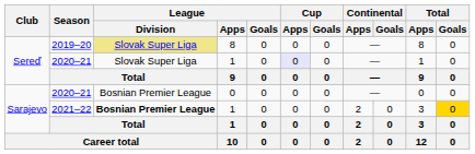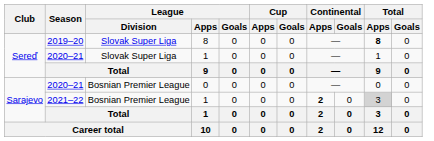 <table class=wikitable style="text-align: center;font-size:95%">
 <tr>
 <th rowspan=2>Club</th>
 <th rowspan=2>Season</th>
 <th colspan=3>League</th>
 <th colspan=2>Cup</th>
 <th colspan=2>Continental</th>
 <th colspan=2>Total</th>
 </tr>
 <tr>
 <th>Division</th>
 <th>Apps</th>
 <th>Goals</th>
 <th>Apps</th>
 <th>Goals</th>
 <th>Apps</th>
 <th>Goals</th>
 <th>Apps</th>
 <th>Goals</th>
 </tr>
 <tr>
 <td rowspan=3><a href='#'>Sereď</a></td>
 <td><a href='#'>2019–20</a></td>
-<td style="background: khaki;"><a href='#'>Slovak Super Liga</a></td>
+<td><a href='#'>Slovak Super Liga</a></td>
 <td>8</td>
 <td>0</td>
 <td>0</td>
 <td>0</td>
 <td colspan=2>—</td>
-<td>8</td>
+<td><strong>8</strong></td>
 <td>0</td>
 </tr>
 <tr>
 <td><a href='#'>2020–21</a></td>
 <td>Slovak Super Liga</td>
 <td>1</td>
 <td>0</td>
-<td style="background: lavender;">0</td>
+<td>0</td>
 <td>0</td>
 <td colspan=2>—</td>
 <td>1</td>
 <td>0</td>
 </tr>
 <tr>
 <th colspan=2>Total</th>
 <th>9</th>
 <th>0</th>
 <th>0</th>
 <th>0</th>
 <th colspan=2>—</th>
 <th>9</th>
 <th>0</th>
 </tr>
 <tr>
 <td rowspan=3><a href='#'>Sarajevo</a></td>
 <td><a href='#'>2020–21</a></td>
 <td>Bosnian Premier League</td>
 <td>0</td>
 <td>0</td>
 <td>0</td>
 <td>0</td>
 <td colspan=2>—</td>
 <td>0</td>
 <td>0</td>
 </tr>
 <tr>
 <td><a href='#'>2021–22</a></td>
-<td><strong>Bosnian Premier League</strong></td>
+<td>Bosnian Premier League</td>
 <td>1</td>
 <td>0</td>
 <td>0</td>
 <td>0</td>
-<td>2</td>
+<td><strong>2</strong></td>
 <td>0</td>
-<td>3</td>
-<td style="background: gold;">0</td>
+<td style="background: lightgrey;">3</td>
+<td>0</td>
 </tr>
 <tr>
 <th colspan=2>Total</th>
 <th>1</th>
 <th>0</th>
 <th>0</th>
 <th>0</th>
 <th>2</th>
 <th>0</th>
 <th>3</th>
 <th>0</th>
 </tr>
 <tr>
 <th colspan=3>Career total</th>
 <th>10</th>
 <th>0</th>
 <th>0</th>
 <th>0</th>
 <th>2</th>
 <th>0</th>
 <th>12</th>
 <th>0</th>
 </tr>
 </table>
